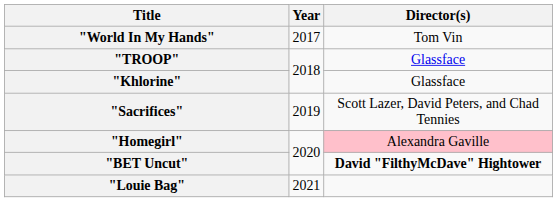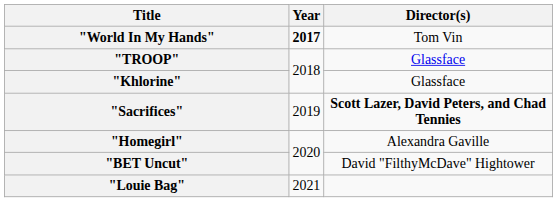 <table class="wikitable plainrowheaders" style="text-align:center;">
 <tr>
 <th style="width:20em;">Title</th>
 <th>Year</th>
 <th style="width:16em;">Director(s)</th>
 </tr>
 <tr>
 <th scope="row">"World In My Hands"<br></th>
-<td>2017</td>
+<td><strong>2017</strong></td>
 <td>Tom Vin</td>
 </tr>
 <tr>
 <th scope="row">"TROOP"<br></th>
 <td rowspan="2">2018</td>
 <td><a href='#'>Glassface</a></td>
 </tr>
 <tr>
 <th scope="row">"Khlorine"<br></th>
 <td>Glassface</td>
 </tr>
 <tr>
 <th scope="row">"Sacrifices"<br></th>
 <td>2019</td>
-<td>Scott Lazer, David Peters, and Chad Tennies</td>
+<td><strong>Scott Lazer, David Peters, and Chad Tennies</strong></td>
 </tr>
 <tr>
 <th scope="row">"Homegirl"<br></th>
 <td rowspan="2">2020</td>
-<td style="background: pink;">Alexandra Gaville</td>
+<td>Alexandra Gaville</td>
 </tr>
 <tr>
 <th scope="row">"BET Uncut"<br></th>
-<td><strong>David "FilthyMcDave" Hightower</strong></td>
+<td>David "FilthyMcDave" Hightower</td>
 </tr>
 <tr>
 <th scope="row">"Louie Bag"<br></th>
 <td>2021</td>
 <td></td>
 </tr>
 </table>
